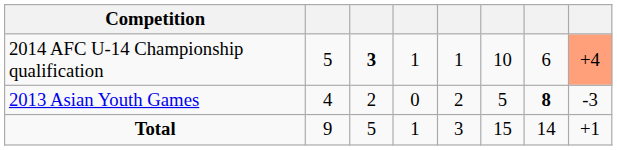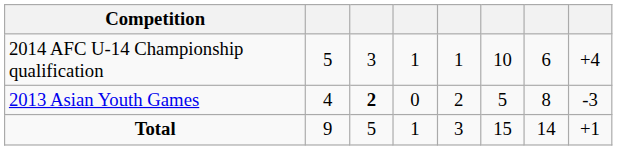 <table class="wikitable" style="text-align: center;">
 <tr>
 <th width=250>Competition</th>
 <th width=30></th>
 <th width=30></th>
 <th width=30></th>
 <th width=30></th>
 <th width=30></th>
 <th width=30></th>
 <th width=30></th>
 </tr>
 <tr>
 <td align="left">2014 AFC U-14 Championship qualification</td>
 <td>5</td>
-<td><strong>3</strong></td>
+<td>3</td>
 <td>1</td>
 <td>1</td>
 <td>10</td>
 <td>6</td>
-<td style="background: lightsalmon;">+4</td>
+<td>+4</td>
 </tr>
 <tr>
 <td align="left"><a href='#'>2013 Asian Youth Games</a></td>
 <td>4</td>
-<td>2</td>
+<td><strong>2</strong></td>
 <td>0</td>
 <td>2</td>
 <td>5</td>
-<td><strong>8</strong></td>
+<td>8</td>
 <td>-3</td>
 </tr>
 <tr>
 <td><strong>Total</strong></td>
 <td>9</td>
 <td>5</td>
 <td>1</td>
 <td>3</td>
 <td>15</td>
 <td>14</td>
 <td>+1</td>
 </tr>
 </table>
